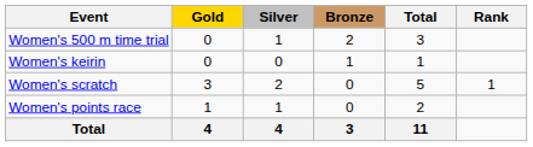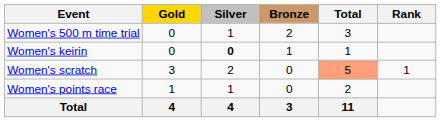 <table class="wikitable sortable" border="1" style="text-align:center; font-size:90%;">
 <tr>
 <th style="width:15:em;">Event</th>
 <td style="background:gold; width:4.5em; font-weight:bold;">Gold</td>
 <td style="background:silver; width:4.5em; font-weight:bold;">Silver</td>
 <td style="background:#cc9966; width:4.5em; font-weight:bold;">Bronze</td>
 <th style="width:4.5em;">Total</th>
 <th style="width:4.5em;">Rank</th>
 </tr>
 <tr>
 <td align=left><a href='#'>Women's 500 m time trial</a></td>
 <td>0</td>
 <td>1</td>
 <td>2</td>
 <td>3</td>
 <td></td>
 </tr>
 <tr>
 <td align=left><a href='#'>Women's keirin</a></td>
 <td>0</td>
-<td>0</td>
+<td><strong>0</strong></td>
 <td>1</td>
 <td>1</td>
 <td></td>
 </tr>
 <tr>
 <td align=left><a href='#'>Women's scratch</a></td>
 <td>3</td>
 <td>2</td>
 <td>0</td>
-<td>5</td>
+<td style="background: lightsalmon;">5</td>
 <td>1</td>
 </tr>
 <tr>
 <td align=left><a href='#'>Women's points race</a></td>
 <td>1</td>
 <td>1</td>
 <td>0</td>
 <td>2</td>
 <td></td>
 </tr>
 <tr>
 <th>Total</th>
 <th>4</th>
 <th>4</th>
 <th>3</th>
 <th>11</th>
 </tr>
 </table>
